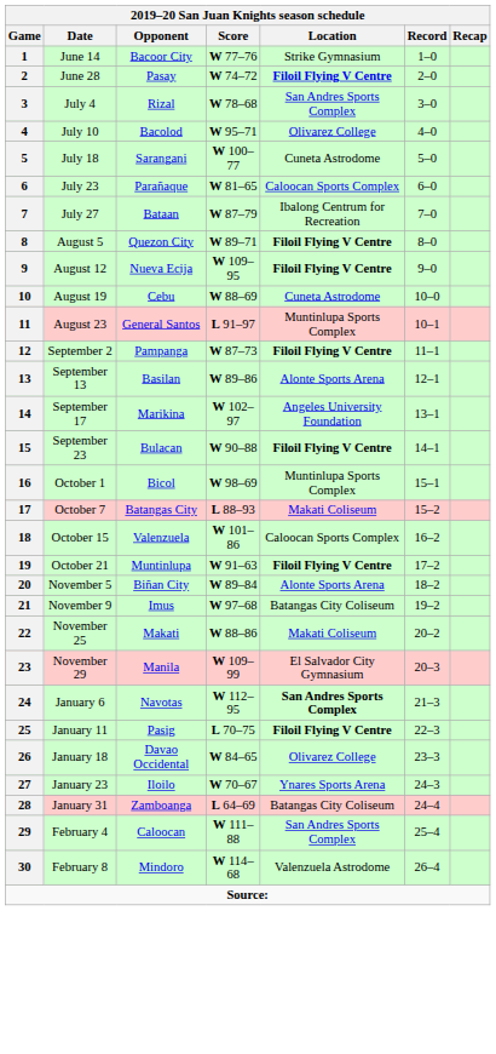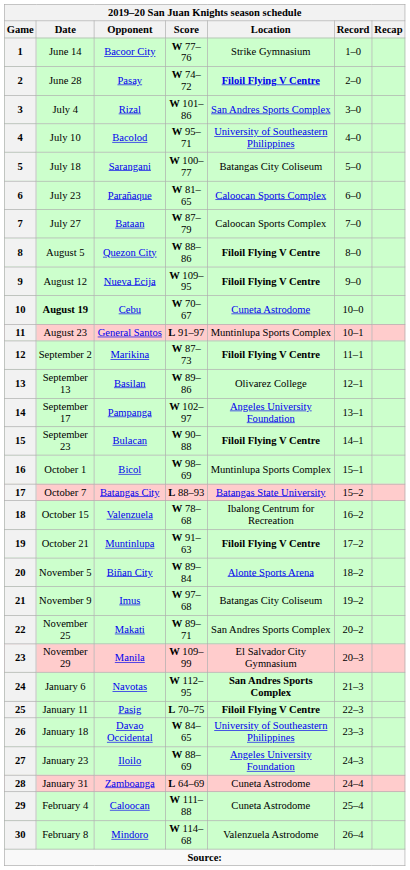 <table class="wikitable" style="text-align:center">
 <tr>
 <th colspan=7>2019–20 San Juan Knights season schedule</th>
 </tr>
 <tr>
 <th>Game</th>
 <th>Date</th>
 <th>Opponent</th>
 <th>Score</th>
 <th>Location</th>
 <th>Record</th>
 <th>Recap<br></th>
 </tr>
 <tr style="background:#cfc">
 <th>1</th>
 <td>June 14</td>
 <td><a href='#'>Bacoor City</a></td>
 <td><strong>W</strong> 77–76</td>
 <td>Strike Gymnasium</td>
 <td>1–0</td>
 <td></td>
 </tr>
 <tr style="background:#cfc">
 <th>2</th>
 <td>June 28</td>
 <td><a href='#'>Pasay</a></td>
 <td><strong>W</strong> 74–72</td>
 <td><strong><a href='#'>Filoil Flying V Centre</a></strong></td>
 <td>2–0</td>
 <td></td>
 </tr>
 <tr style="background:#cfc">
 <th>3</th>
 <td>July 4</td>
 <td><a href='#'>Rizal</a></td>
-<td><strong>W</strong> 78–68</td>
+<td><strong>W</strong> 101–86</td>
 <td><a href='#'>San Andres Sports Complex</a></td>
 <td>3–0</td>
 <td></td>
 </tr>
 <tr style="background:#cfc">
 <th>4</th>
 <td>July 10</td>
 <td><a href='#'>Bacolod</a></td>
 <td><strong>W</strong> 95–71</td>
-<td><a href='#'>Olivarez College</a></td>
+<td><a href='#'>University of Southeastern Philippines</a></td>
 <td>4–0</td>
 <td></td>
 </tr>
 <tr style="background:#cfc">
 <th>5</th>
 <td>July 18</td>
 <td><a href='#'>Sarangani</a></td>
 <td><strong>W</strong> 100–77</td>
-<td>Cuneta Astrodome</td>
+<td>Batangas City Coliseum</td>
 <td>5–0</td>
 <td></td>
 </tr>
 <tr style="background:#cfc">
 <th>6</th>
 <td>July 23</td>
 <td><a href='#'>Parañaque</a></td>
 <td><strong>W</strong> 81–65</td>
 <td><a href='#'>Caloocan Sports Complex</a></td>
 <td>6–0</td>
 <td></td>
 </tr>
 <tr style="background:#cfc">
 <th>7</th>
 <td>July 27</td>
 <td><a href='#'>Bataan</a></td>
 <td><strong>W</strong> 87–79</td>
-<td>Ibalong Centrum for Recreation</td>
+<td>Caloocan Sports Complex</td>
 <td>7–0</td>
 <td></td>
 </tr>
 <tr style="background:#cfc">
 <th>8</th>
 <td>August 5</td>
 <td><a href='#'>Quezon City</a></td>
-<td><strong>W</strong> 89–71</td>
+<td><strong>W</strong> 88–86</td>
 <td><strong>Filoil Flying V Centre</strong></td>
 <td>8–0</td>
 <td></td>
 </tr>
 <tr style="background:#cfc">
 <th>9</th>
 <td>August 12</td>
 <td><a href='#'>Nueva Ecija</a></td>
 <td><strong>W</strong> 109–95</td>
 <td><strong>Filoil Flying V Centre</strong></td>
 <td>9–0</td>
 <td></td>
 </tr>
 <tr style="background:#cfc">
 <th>10</th>
-<td>August 19</td>
+<td><strong>August 19</strong></td>
 <td><a href='#'>Cebu</a></td>
-<td><strong>W</strong> 88–69</td>
+<td><strong>W</strong> 70–67</td>
 <td><a href='#'>Cuneta Astrodome</a></td>
 <td>10–0</td>
 <td></td>
 </tr>
 <tr style="background:#fcc">
 <th>11</th>
 <td>August 23</td>
 <td><a href='#'>General Santos</a></td>
 <td><strong>L</strong> 91–97</td>
 <td>Muntinlupa Sports Complex</td>
 <td>10–1</td>
 <td><br></td>
 </tr>
 <tr style="background:#cfc">
 <th>12</th>
 <td>September 2</td>
-<td><a href='#'>Pampanga</a></td>
+<td><a href='#'>Marikina</a></td>
 <td><strong>W</strong> 87–73</td>
 <td><strong>Filoil Flying V Centre</strong></td>
 <td>11–1</td>
 <td></td>
 </tr>
 <tr style="background:#cfc">
 <th>13</th>
 <td>September 13</td>
 <td><a href='#'>Basilan</a></td>
 <td><strong>W</strong> 89–86</td>
-<td><a href='#'>Alonte Sports Arena</a></td>
+<td>Olivarez College</td>
 <td>12–1</td>
 <td></td>
 </tr>
 <tr style="background:#cfc">
 <th>14</th>
 <td>September 17</td>
-<td><a href='#'>Marikina</a></td>
+<td><a href='#'>Pampanga</a></td>
 <td><strong>W</strong> 102–97</td>
 <td><a href='#'>Angeles University Foundation</a></td>
 <td>13–1</td>
 <td></td>
 </tr>
 <tr style="background:#cfc">
 <th>15</th>
 <td>September 23</td>
 <td><a href='#'>Bulacan</a></td>
 <td><strong>W</strong> 90–88</td>
 <td><strong>Filoil Flying V Centre</strong></td>
 <td>14–1</td>
 <td></td>
 </tr>
 <tr style="background:#cfc">
 <th>16</th>
 <td>October 1</td>
 <td><a href='#'>Bicol</a></td>
 <td><strong>W</strong> 98–69</td>
 <td>Muntinlupa Sports Complex</td>
 <td>15–1</td>
 <td></td>
 </tr>
 <tr style="background:#fcc">
 <th>17</th>
 <td>October 7</td>
 <td><a href='#'>Batangas City</a></td>
 <td><strong>L</strong> 88–93</td>
-<td><a href='#'>Makati Coliseum</a></td>
+<td><a href='#'>Batangas State University</a></td>
 <td>15–2</td>
 <td></td>
 </tr>
 <tr style="background:#cfc">
 <th>18</th>
 <td>October 15</td>
 <td><a href='#'>Valenzuela</a></td>
-<td><strong>W</strong> 101–86</td>
-<td>Caloocan Sports Complex</td>
+<td><strong>W</strong> 78–68</td>
+<td>Ibalong Centrum for Recreation</td>
 <td>16–2</td>
 <td></td>
 </tr>
 <tr style="background:#cfc">
 <th>19</th>
 <td>October 21</td>
 <td><a href='#'>Muntinlupa</a></td>
 <td><strong>W</strong> 91–63</td>
 <td><strong>Filoil Flying V Centre</strong></td>
 <td>17–2</td>
 <td></td>
 </tr>
 <tr style="background:#cfc">
 <th>20</th>
 <td>November 5</td>
 <td><a href='#'>Biñan City</a></td>
 <td><strong>W</strong> 89–84</td>
 <td><a href='#'>Alonte Sports Arena</a></td>
 <td>18–2</td>
 <td></td>
 </tr>
 <tr style="background:#cfc">
 <th>21</th>
 <td>November 9</td>
 <td><a href='#'>Imus</a></td>
 <td><strong>W</strong> 97–68</td>
 <td>Batangas City Coliseum</td>
 <td>19–2</td>
 <td></td>
 </tr>
 <tr style="background:#cfc">
 <th>22</th>
 <td>November 25</td>
 <td><a href='#'>Makati</a></td>
-<td><strong>W</strong> 88–86</td>
-<td><a href='#'>Makati Coliseum</a></td>
+<td><strong>W</strong> 89–71</td>
+<td>San Andres Sports Complex</td>
 <td>20–2</td>
 <td></td>
 </tr>
 <tr style="background:#fcc">
 <th>23</th>
 <td>November 29</td>
 <td><a href='#'>Manila</a></td>
 <td><strong>W</strong> 109–99</td>
 <td>El Salvador City Gymnasium</td>
 <td>20–3</td>
 <td><br></td>
 </tr>
 <tr style="background:#cfc">
 <th>24</th>
 <td>January 6</td>
 <td><a href='#'>Navotas</a></td>
 <td><strong>W</strong> 112–95</td>
 <td><strong>San Andres Sports Complex</strong></td>
 <td>21–3</td>
 <td></td>
 </tr>
 <tr style="background:#cfc">
 <th>25</th>
 <td>January 11</td>
 <td><a href='#'>Pasig</a></td>
 <td><strong>L</strong> 70–75</td>
 <td><strong>Filoil Flying V Centre</strong></td>
 <td>22–3</td>
 <td></td>
 </tr>
 <tr style="background:#cfc">
 <th>26</th>
 <td>January 18</td>
 <td><a href='#'>Davao Occidental</a></td>
 <td><strong>W</strong> 84–65</td>
-<td><a href='#'>Olivarez College</a></td>
+<td><a href='#'>University of Southeastern Philippines</a></td>
 <td>23–3</td>
 <td></td>
 </tr>
 <tr style="background:#cfc">
 <th>27</th>
 <td>January 23</td>
 <td><a href='#'>Iloilo</a></td>
-<td><strong>W</strong> 70–67</td>
-<td><a href='#'>Ynares Sports Arena</a></td>
+<td><strong>W</strong> 88–69</td>
+<td><a href='#'>Angeles University Foundation</a></td>
 <td>24–3</td>
 <td></td>
 </tr>
 <tr style="background:#fcc">
 <th>28</th>
 <td>January 31</td>
 <td><a href='#'>Zamboanga</a></td>
 <td><strong>L</strong> 64–69</td>
-<td>Batangas City Coliseum</td>
+<td>Cuneta Astrodome</td>
 <td>24–4</td>
 <td></td>
 </tr>
 <tr style="background:#cfc">
 <th>29</th>
 <td>February 4</td>
 <td><a href='#'>Caloocan</a></td>
 <td><strong>W</strong> 111–88</td>
-<td><a href='#'>San Andres Sports Complex</a></td>
+<td>Cuneta Astrodome</td>
 <td>25–4</td>
 <td></td>
 </tr>
 <tr style="background:#cfc">
 <th>30</th>
 <td>February 8</td>
 <td><a href='#'>Mindoro</a></td>
 <td><strong>W</strong> 114–68</td>
 <td>Valenzuela Astrodome</td>
 <td>26–4</td>
 <td></td>
 </tr>
 <tr>
 <td colspan=7 align=center><strong>Source: </strong></td>
 </tr>
 </table>
